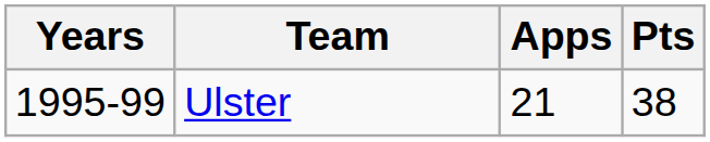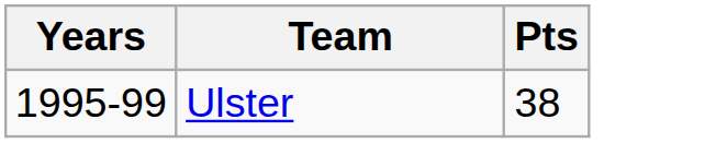 <table class="wikitable" style="text-align:left;">
 <tr>
 <th>Years</th>
 <th width=120px>Team</th>
-<th>Apps</th>
 <th>Pts</th>
 </tr>
 <tr>
 <td>1995-99</td>
 <td><a href='#'>Ulster</a></td>
-<td>21</td>
 <td>38</td>
 </tr>
 </table>
